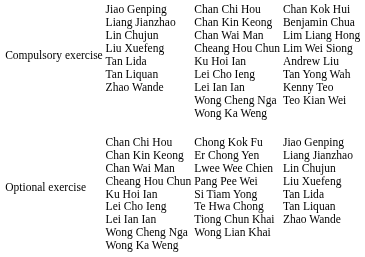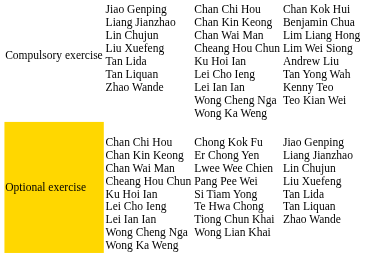 <table>
 <tr>
 <td>Compulsory exercise</td>
 <td valign=top><br>Jiao Genping<br>Liang Jianzhao<br>Lin Chujun<br>Liu Xuefeng<br>Tan Lida<br>Tan Liquan<br>Zhao Wande</td>
 <td><br>Chan Chi Hou<br>Chan Kin Keong<br>Chan Wai Man<br>Cheang Hou Chun<br>Ku Hoi Ian<br>Lei Cho Ieng<br>Lei Ian Ian<br>Wong Cheng Nga<br>Wong Ka Weng</td>
 <td valign=top><br>Chan Kok Hui<br>Benjamin Chua<br>Lim Liang Hong<br>Lim Wei Siong<br>Andrew Liu<br>Tan Yong Wah<br>Kenny Teo<br>Teo Kian Wei</td>
 </tr>
 <tr>
-<td>Optional exercise</td>
+<td style="background: gold;">Optional exercise</td>
 <td><br>Chan Chi Hou<br>Chan Kin Keong<br>Chan Wai Man<br>Cheang Hou Chun<br>Ku Hoi Ian<br>Lei Cho Ieng<br>Lei Ian Ian<br>Wong Cheng Nga<br>Wong Ka Weng</td>
 <td valign=top><br>Chong Kok Fu<br>Er Chong Yen<br>Lwee Wee Chien<br>Pang Pee Wei<br>Si Tiam Yong<br>Te Hwa Chong<br>Tiong Chun Khai<br>Wong Lian Khai</td>
 <td valign=top><br>Jiao Genping<br>Liang Jianzhao<br>Lin Chujun<br>Liu Xuefeng<br>Tan Lida<br>Tan Liquan<br>Zhao Wande</td>
 </tr>
 </table>
